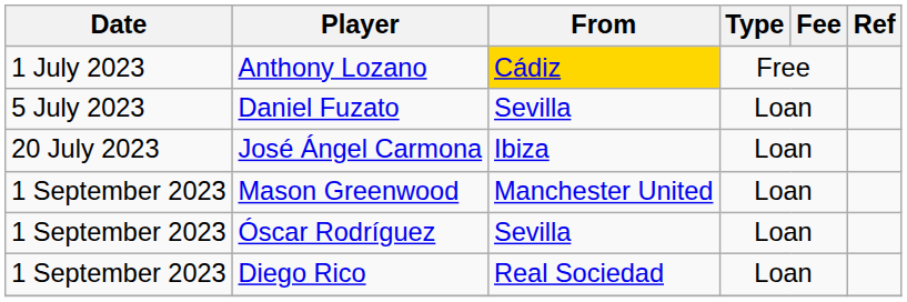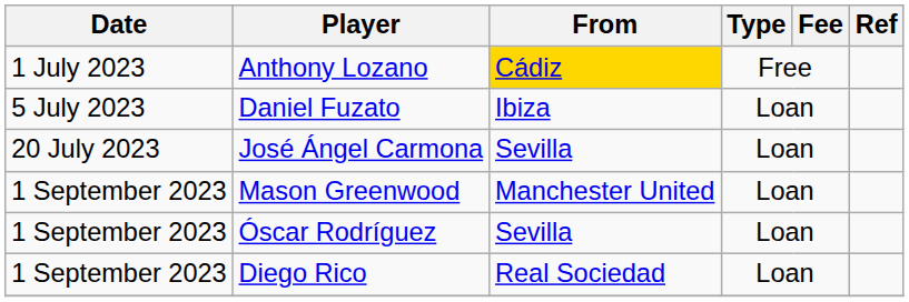 <table class="wikitable">
 <tr>
 <th>Date</th>
 <th>Player</th>
 <th>From</th>
 <th>Type</th>
 <th>Fee</th>
 <th>Ref</th>
 </tr>
 <tr>
 <td>1 July 2023</td>
 <td> <a href='#'>Anthony Lozano</a></td>
 <td style="background: gold;"><a href='#'>Cádiz</a></td>
 <td colspan=2 align=center>Free</td>
 <td></td>
 </tr>
 <tr>
 <td>5 July 2023</td>
 <td> <a href='#'>Daniel Fuzato</a></td>
-<td><a href='#'>Sevilla</a></td>
+<td><a href='#'>Ibiza</a></td>
 <td colspan=2 align=center>Loan</td>
 <td></td>
 </tr>
 <tr>
 <td>20 July 2023</td>
 <td> <a href='#'>José Ángel Carmona</a></td>
-<td><a href='#'>Ibiza</a></td>
+<td><a href='#'>Sevilla</a></td>
 <td colspan=2 align=center>Loan</td>
 <td></td>
 </tr>
 <tr>
 <td>1 September 2023</td>
 <td> <a href='#'>Mason Greenwood</a></td>
 <td> <a href='#'>Manchester United</a></td>
 <td colspan=2 align=center>Loan</td>
 <td></td>
 </tr>
 <tr>
 <td>1 September 2023</td>
 <td> <a href='#'>Óscar Rodríguez</a></td>
 <td><a href='#'>Sevilla</a></td>
 <td colspan=2 align=center>Loan</td>
 <td></td>
 </tr>
 <tr>
 <td>1 September 2023</td>
 <td> <a href='#'>Diego Rico</a></td>
 <td><a href='#'>Real Sociedad</a></td>
 <td colspan=2 align=center>Loan</td>
 <td></td>
 </tr>
 <tr>
 </tr>
 </table>
